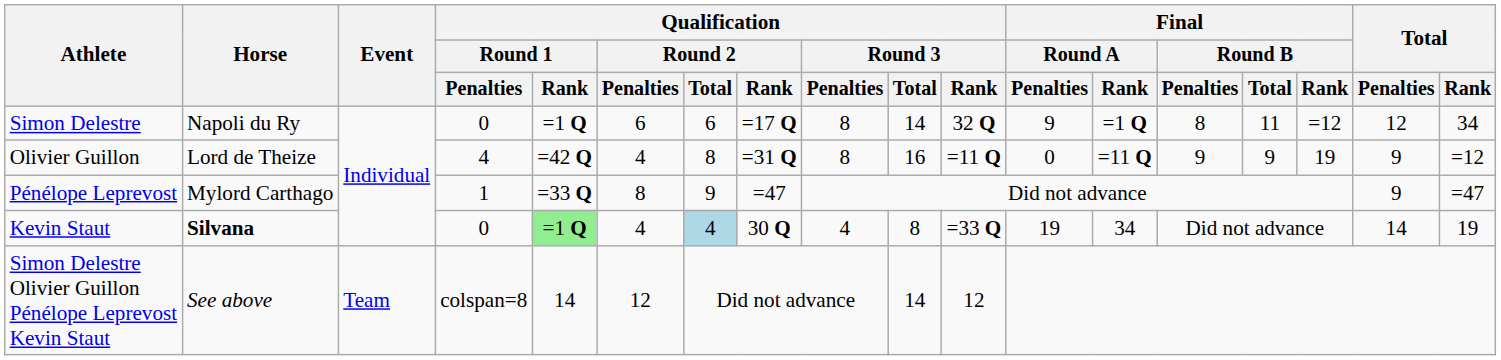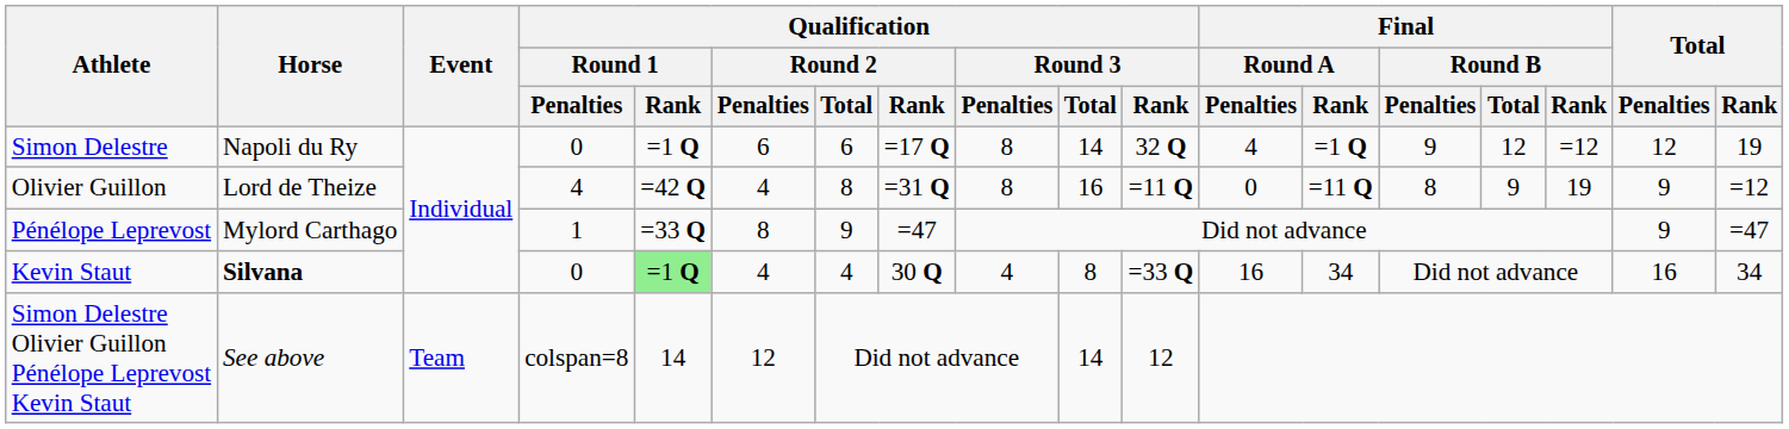 <table class="wikitable" style="font-size:90%">
 <tr>
 <th rowspan="3">Athlete</th>
 <th rowspan="3">Horse</th>
 <th rowspan="3">Event</th>
 <th colspan="8">Qualification</th>
 <th colspan="5">Final</th>
 <th rowspan=2 colspan="2">Total</th>
 </tr>
 <tr style="font-size:95%">
 <th colspan="2">Round 1</th>
 <th colspan="3">Round 2</th>
 <th colspan="3">Round 3</th>
 <th colspan="2">Round A</th>
 <th colspan="3">Round B</th>
 </tr>
 <tr style="font-size:95%">
 <th>Penalties</th>
 <th>Rank</th>
 <th>Penalties</th>
 <th>Total</th>
 <th>Rank</th>
 <th>Penalties</th>
 <th>Total</th>
 <th>Rank</th>
 <th>Penalties</th>
 <th>Rank</th>
 <th>Penalties</th>
 <th>Total</th>
 <th>Rank</th>
 <th>Penalties</th>
 <th>Rank</th>
 </tr>
 <tr align=center>
 <td align=left><a href='#'>Simon Delestre</a></td>
 <td align=left>Napoli du Ry</td>
 <td align=left rowspan=4><a href='#'>Individual</a></td>
 <td>0</td>
 <td>=1 <strong>Q</strong></td>
 <td>6</td>
 <td>6</td>
 <td>=17 <strong>Q</strong></td>
 <td>8</td>
 <td>14</td>
 <td>32 <strong>Q</strong></td>
+<td>4</td>
+<td>=1 <strong>Q</strong></td>
 <td>9</td>
-<td>=1 <strong>Q</strong></td>
-<td>8</td>
-<td>11</td>
+<td>12</td>
 <td>=12</td>
 <td>12</td>
-<td>34</td>
+<td>19</td>
 </tr>
 <tr align=center>
 <td align=left>Olivier Guillon</td>
 <td align=left>Lord de Theize</td>
 <td>4</td>
 <td>=42 <strong>Q</strong></td>
 <td>4</td>
 <td>8</td>
 <td>=31 <strong>Q</strong></td>
 <td>8</td>
 <td>16</td>
 <td>=11 <strong>Q</strong></td>
 <td>0</td>
 <td>=11 <strong>Q</strong></td>
-<td>9</td>
+<td>8</td>
 <td>9</td>
 <td>19</td>
 <td>9</td>
 <td>=12</td>
 </tr>
 <tr align=center>
 <td align=left><a href='#'>Pénélope Leprevost</a></td>
 <td align=left>Mylord Carthago</td>
 <td>1</td>
 <td>=33 <strong>Q</strong></td>
 <td>8</td>
 <td>9</td>
 <td>=47</td>
 <td colspan=8>Did not advance</td>
 <td>9</td>
 <td>=47</td>
 </tr>
 <tr align=center>
 <td align=left><a href='#'>Kevin Staut</a></td>
 <td align=left><strong>Silvana</strong></td>
 <td>0</td>
 <td style="background: lightgreen;">=1 <strong>Q</strong></td>
 <td>4</td>
-<td style="background: lightblue;">4</td>
+<td>4</td>
 <td>30 <strong>Q</strong></td>
 <td>4</td>
 <td>8</td>
 <td>=33 <strong>Q</strong></td>
-<td>19</td>
+<td>16</td>
 <td>34</td>
 <td colspan=3>Did not advance</td>
-<td>14</td>
-<td>19</td>
+<td>16</td>
+<td>34</td>
 </tr>
 <tr align=center>
 <td align=left><a href='#'>Simon Delestre</a><br>Olivier Guillon<br><a href='#'>Pénélope Leprevost</a><br><a href='#'>Kevin Staut</a></td>
 <td align=left><em>See above</em></td>
 <td align=left><a href='#'>Team</a></td>
 <td>colspan=8 </td>
 <td>14</td>
 <td>12</td>
 <td colspan=3>Did not advance</td>
 <td>14</td>
 <td>12</td>
 </tr>
 </table>
